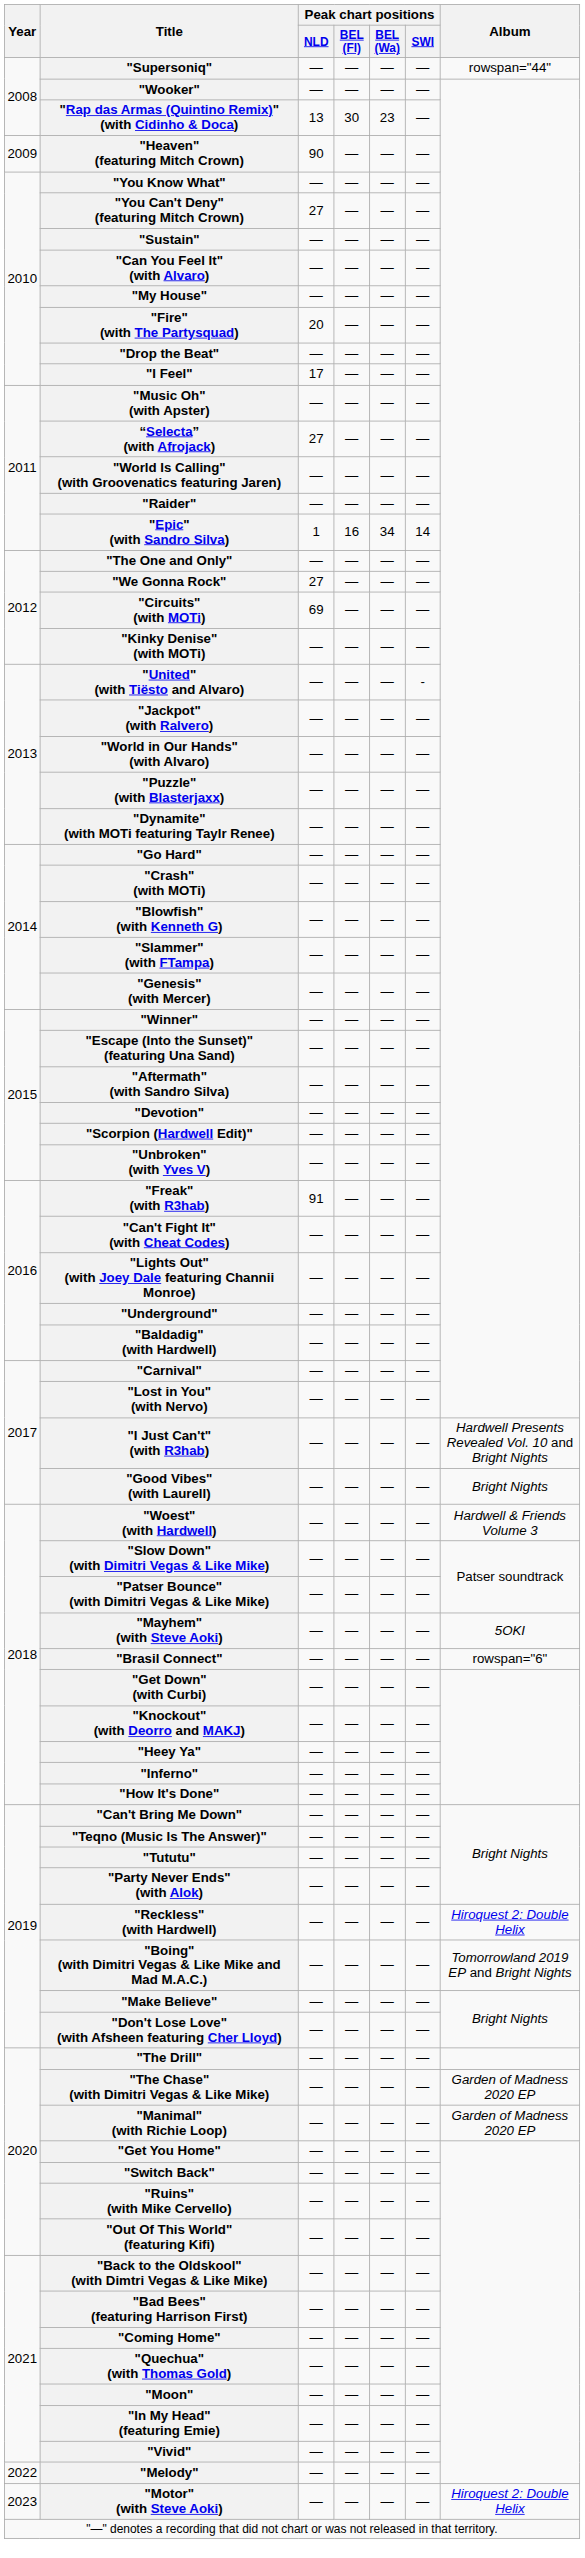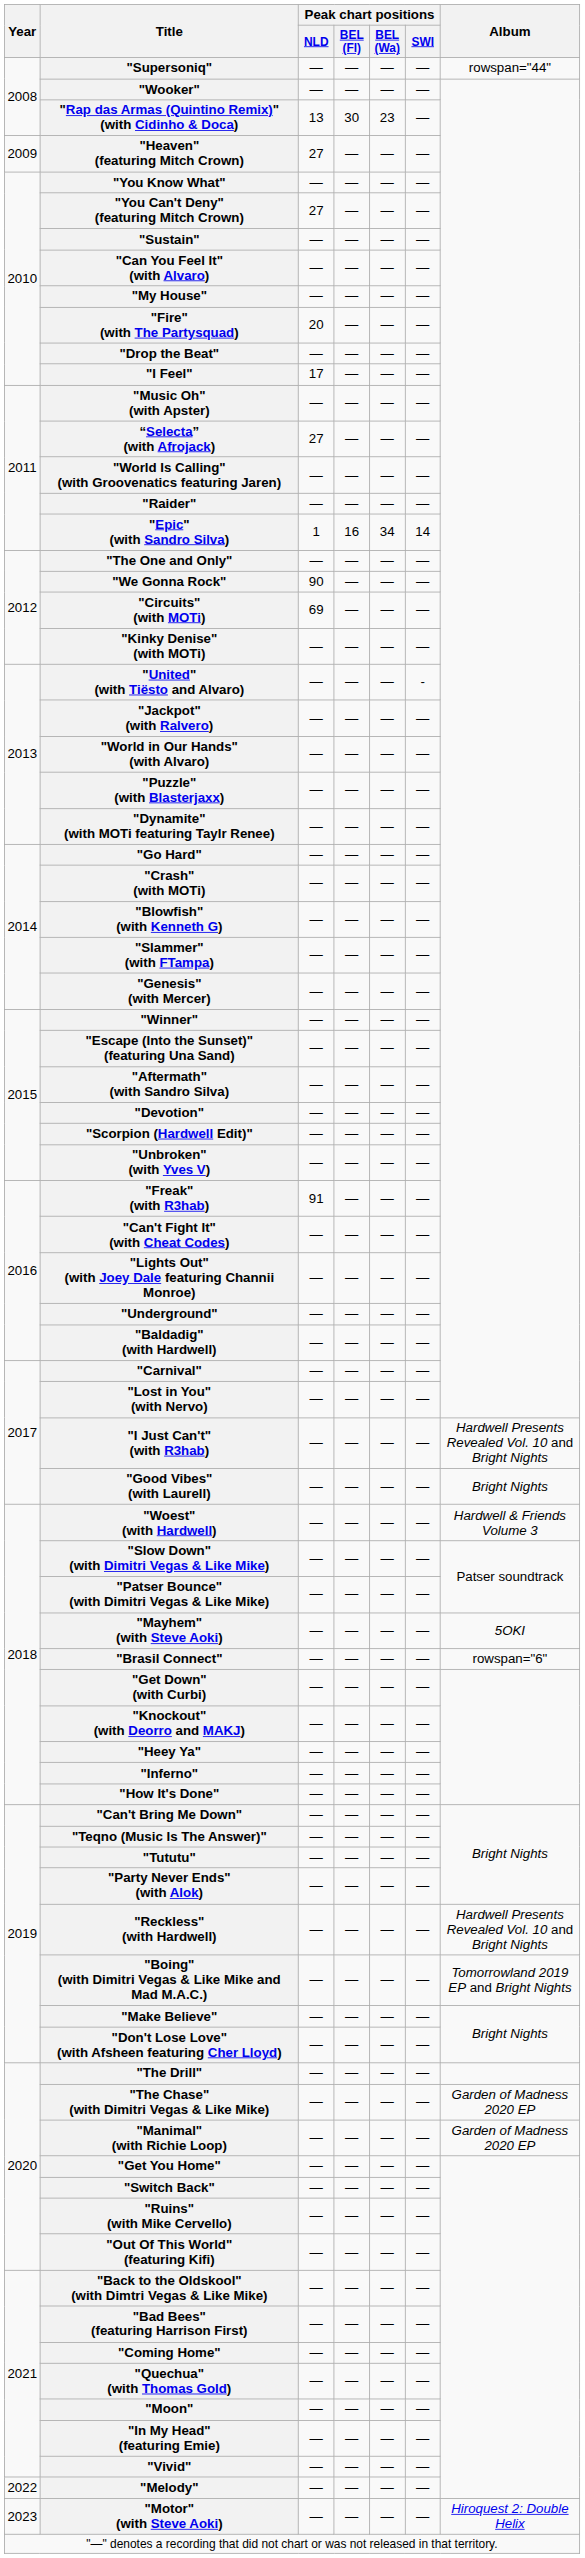 <table class="wikitable plainrowheaders" style="text-align:center;">
 <tr>
 <th scope="col" rowspan="2" style="width:2em;">Year</th>
 <th scope="col" rowspan="2" style="width:19em;">Title</th>
 <th scope="col" colspan="4">Peak chart positions</th>
 <th scope="col" rowspan="2" style="width:10em;">Album</th>
 </tr>
 <tr>
 <th scope="col" style="width:2.5em;font-size:90%;"><a href='#'>NLD</a><br></th>
 <th scope="col" style="width:2.5em;font-size:90%;"><a href='#'>BEL (Fl)</a><br></th>
 <th scope="col" style="width:2.5em;font-size:90%;"><a href='#'>BEL (Wa)</a><br></th>
 <th scope="col" style="width:2.5em;font-size:90%;"><a href='#'>SWI</a><br></th>
 </tr>
 <tr>
 <td rowspan="3">2008</td>
 <th scope="row">"Supersoniq"</th>
 <td>—</td>
 <td>—</td>
 <td>—</td>
 <td>—</td>
 <td>rowspan="44" </td>
 </tr>
 <tr>
 <th scope="row">"Wooker"</th>
 <td>—</td>
 <td>—</td>
 <td>—</td>
 <td>—</td>
 </tr>
 <tr>
 <th scope="row">"<a href='#'>Rap das Armas (Quintino Remix)</a>" <br><span>(with <a href='#'>Cidinho & Doca</a>)</span></th>
 <td>13</td>
 <td>30</td>
 <td>23</td>
 <td>—</td>
 </tr>
 <tr>
 <td>2009</td>
 <th scope="row">"Heaven" <br><span>(featuring Mitch Crown)</span></th>
-<td>90</td>
+<td>27</td>
 <td>—</td>
 <td>—</td>
 <td>—</td>
 </tr>
 <tr>
 <td rowspan="8">2010</td>
 <th scope="row">"You Know What"</th>
 <td>—</td>
 <td>—</td>
 <td>—</td>
 <td>—</td>
 </tr>
 <tr>
 <th scope="row">"You Can't Deny" <br><span>(featuring Mitch Crown)</span></th>
 <td>27</td>
 <td>—</td>
 <td>—</td>
 <td>—</td>
 </tr>
 <tr>
 <th scope="row">"Sustain"</th>
 <td>—</td>
 <td>—</td>
 <td>—</td>
 <td>—</td>
 </tr>
 <tr>
 <th scope="row">"Can You Feel It" <br><span>(with <a href='#'>Alvaro</a>)</span></th>
 <td>—</td>
 <td>—</td>
 <td>—</td>
 <td>—</td>
 </tr>
 <tr>
 <th scope="row">"My House"</th>
 <td>—</td>
 <td>—</td>
 <td>—</td>
 <td>—</td>
 </tr>
 <tr>
 <th scope="row">"Fire" <br><span>(with <a href='#'>The Partysquad</a>)</span></th>
 <td>20</td>
 <td>—</td>
 <td>—</td>
 <td>—</td>
 </tr>
 <tr>
 <th scope="row">"Drop the Beat"</th>
 <td>—</td>
 <td>—</td>
 <td>—</td>
 <td>—</td>
 </tr>
 <tr>
 <th scope="row">"I Feel"</th>
 <td>17</td>
 <td>—</td>
 <td>—</td>
 <td>—</td>
 </tr>
 <tr>
 <td rowspan="5">2011</td>
 <th scope="row">"Music Oh" <br><span>(with Apster)</span></th>
 <td>—</td>
 <td>—</td>
 <td>—</td>
 <td>—</td>
 </tr>
 <tr>
 <th scope="row">“<a href='#'>Selecta</a>” <br><span>(with <a href='#'>Afrojack</a>)</span></th>
 <td>27</td>
 <td>—</td>
 <td>—</td>
 <td>—</td>
 </tr>
 <tr>
 <th scope="row">"World Is Calling" <br><span>(with Groovenatics featuring Jaren)</span></th>
 <td>—</td>
 <td>—</td>
 <td>—</td>
 <td>—</td>
 </tr>
 <tr>
 <th scope="row">"Raider"</th>
 <td>—</td>
 <td>—</td>
 <td>—</td>
 <td>—</td>
 </tr>
 <tr>
 <th scope="row">"<a href='#'>Epic</a>" <br><span>(with <a href='#'>Sandro Silva</a>)</span></th>
 <td>1</td>
 <td>16</td>
 <td>34</td>
 <td>14</td>
 </tr>
 <tr>
 <td rowspan="4">2012</td>
 <th scope="row">"The One and Only"</th>
 <td>—</td>
 <td>—</td>
 <td>—</td>
 <td>—</td>
 </tr>
 <tr>
 <th scope="row">"We Gonna Rock"</th>
-<td>27</td>
+<td>90</td>
 <td>—</td>
 <td>—</td>
 <td>—</td>
 </tr>
 <tr>
 <th scope="row">"Circuits" <br><span>(with <a href='#'>MOTi</a>)</span></th>
 <td>69</td>
 <td>—</td>
 <td>—</td>
 <td>—</td>
 </tr>
 <tr>
 <th scope="row">"Kinky Denise" <br><span>(with MOTi)</span></th>
 <td>—</td>
 <td>—</td>
 <td>—</td>
 <td>—</td>
 </tr>
 <tr>
 <td rowspan="5">2013</td>
 <th scope="row">"<a href='#'>United</a>" <br><span>(with <a href='#'>Tiësto</a> and Alvaro)</span></th>
 <td>—</td>
 <td>—</td>
 <td>—</td>
 <td>-</td>
 </tr>
 <tr>
 <th scope="row">"Jackpot" <br><span>(with <a href='#'>Ralvero</a>)</span></th>
 <td>—</td>
 <td>—</td>
 <td>—</td>
 <td>—</td>
 </tr>
 <tr>
 <th scope="row">"World in Our Hands" <br><span>(with Alvaro)</span></th>
 <td>—</td>
 <td>—</td>
 <td>—</td>
 <td>—</td>
 </tr>
 <tr>
 <th scope="row">"Puzzle" <br><span>(with <a href='#'>Blasterjaxx</a>)</span></th>
 <td>—</td>
 <td>—</td>
 <td>—</td>
 <td>—</td>
 </tr>
 <tr>
 <th scope="row">"Dynamite" <br><span>(with MOTi featuring Taylr Renee)</span></th>
 <td>—</td>
 <td>—</td>
 <td>—</td>
 <td>—</td>
 </tr>
 <tr>
 <td rowspan="5">2014</td>
 <th scope="row">"Go Hard"</th>
 <td>—</td>
 <td>—</td>
 <td>—</td>
 <td>—</td>
 </tr>
 <tr>
 <th scope="row">"Crash" <br><span>(with MOTi)</span></th>
 <td>—</td>
 <td>—</td>
 <td>—</td>
 <td>—</td>
 </tr>
 <tr>
 <th scope="row">"Blowfish" <br><span>(with <a href='#'>Kenneth G</a>)</span></th>
 <td>—</td>
 <td>—</td>
 <td>—</td>
 <td>—</td>
 </tr>
 <tr>
 <th scope="row">"Slammer" <br><span>(with <a href='#'>FTampa</a>)</span></th>
 <td>—</td>
 <td>—</td>
 <td>—</td>
 <td>—</td>
 </tr>
 <tr>
 <th scope="row">"Genesis" <br><span>(with Mercer)</span></th>
 <td>—</td>
 <td>—</td>
 <td>—</td>
 <td>—</td>
 </tr>
 <tr>
 <td rowspan="6">2015</td>
 <th scope="row">"Winner"</th>
 <td>—</td>
 <td>—</td>
 <td>—</td>
 <td>—</td>
 </tr>
 <tr>
 <th scope="row">"Escape (Into the Sunset)" <br><span>(featuring Una Sand)</span></th>
 <td>—</td>
 <td>—</td>
 <td>—</td>
 <td>—</td>
 </tr>
 <tr>
 <th scope="row">"Aftermath" <br><span>(with Sandro Silva)</span></th>
 <td>—</td>
 <td>—</td>
 <td>—</td>
 <td>—</td>
 </tr>
 <tr>
 <th scope="row">"Devotion"</th>
 <td>—</td>
 <td>—</td>
 <td>—</td>
 <td>—</td>
 </tr>
 <tr>
 <th scope="row">"Scorpion (<a href='#'>Hardwell</a> Edit)"</th>
 <td>—</td>
 <td>—</td>
 <td>—</td>
 <td>—</td>
 </tr>
 <tr>
 <th scope="row">"Unbroken" <br><span>(with <a href='#'>Yves V</a>)</span></th>
 <td>—</td>
 <td>—</td>
 <td>—</td>
 <td>—</td>
 </tr>
 <tr>
 <td rowspan="5">2016</td>
 <th scope="row">"Freak" <br><span>(with <a href='#'>R3hab</a>)</span></th>
 <td>91</td>
 <td>—</td>
 <td>—</td>
 <td>—</td>
 </tr>
 <tr>
 <th scope="row">"Can't Fight It" <br><span>(with <a href='#'>Cheat Codes</a>)</span></th>
 <td>—</td>
 <td>—</td>
 <td>—</td>
 <td>—</td>
 </tr>
 <tr>
 <th scope="row">"Lights Out" <br><span>(with <a href='#'>Joey Dale</a> featuring Channii Monroe)</span></th>
 <td>—</td>
 <td>—</td>
 <td>—</td>
 <td>—</td>
 </tr>
 <tr>
 <th scope="row">"Underground"</th>
 <td>—</td>
 <td>—</td>
 <td>—</td>
 <td>—</td>
 </tr>
 <tr>
 <th scope="row">"Baldadig" <br><span>(with Hardwell)</span></th>
 <td>—</td>
 <td>—</td>
 <td>—</td>
 <td>—</td>
 </tr>
 <tr>
 <td rowspan="4">2017</td>
 <th scope="row">"Carnival"</th>
 <td>—</td>
 <td>—</td>
 <td>—</td>
 <td>—</td>
 </tr>
 <tr>
 <th scope="row">"Lost in You" <br><span>(with Nervo)</span></th>
 <td>—</td>
 <td>—</td>
 <td>—</td>
 <td>—</td>
 </tr>
 <tr>
 <th scope="row">"I Just Can't" <br><span>(with <a href='#'>R3hab</a>)</span></th>
 <td>—</td>
 <td>—</td>
 <td>—</td>
 <td>—</td>
 <td><em>Hardwell Presents Revealed Vol. 10</em> and <em>Bright Nights</em></td>
 </tr>
 <tr>
 <th scope="row">"Good Vibes" <br><span>(with Laurell)</span></th>
 <td>—</td>
 <td>—</td>
 <td>—</td>
 <td>—</td>
 <td><em>Bright Nights</em></td>
 </tr>
 <tr>
 <td rowspan="10">2018</td>
 <th scope="row">"Woest" <br><span>(with <a href='#'>Hardwell</a>)</span></th>
 <td>—</td>
 <td>—</td>
 <td>—</td>
 <td>—</td>
 <td><em>Hardwell & Friends Volume 3</em></td>
 </tr>
 <tr>
 <th scope="row">"Slow Down" <br><span>(with <a href='#'>Dimitri Vegas & Like Mike</a>)</span></th>
 <td>—</td>
 <td>—</td>
 <td>—</td>
 <td>—</td>
 <td rowspan="2">Patser soundtrack</td>
 </tr>
 <tr>
 <th scope="row">"Patser Bounce" <br><span>(with Dimitri Vegas & Like Mike)</span></th>
 <td>—</td>
 <td>—</td>
 <td>—</td>
 <td>—</td>
 </tr>
 <tr>
 <th scope="row">"Mayhem" <br><span>(with <a href='#'>Steve Aoki</a>)</span></th>
 <td>—</td>
 <td>—</td>
 <td>—</td>
 <td>—</td>
 <td><em>5OKI</em></td>
 </tr>
 <tr>
 <th scope="row">"Brasil Connect"</th>
 <td>—</td>
 <td>—</td>
 <td>—</td>
 <td>—</td>
 <td>rowspan="6" </td>
 </tr>
 <tr>
 <th scope="row">"Get Down"<br><span>(with Curbi)</span></th>
 <td>—</td>
 <td>—</td>
 <td>—</td>
 <td>—</td>
 </tr>
 <tr>
 <th scope="row">"Knockout" <br><span>(with <a href='#'>Deorro</a> and <a href='#'>MAKJ</a>)</span></th>
 <td>—</td>
 <td>—</td>
 <td>—</td>
 <td>—</td>
 </tr>
 <tr>
 <th scope="row">"Heey Ya"</th>
 <td>—</td>
 <td>—</td>
 <td>—</td>
 <td>—</td>
 </tr>
 <tr>
 <th scope="row">"Inferno"</th>
 <td>—</td>
 <td>—</td>
 <td>—</td>
 <td>—</td>
 </tr>
 <tr>
 <th scope="row">"How It's Done"</th>
 <td>—</td>
 <td>—</td>
 <td>—</td>
 <td>—</td>
 </tr>
 <tr>
 <td rowspan="8">2019</td>
 <th scope="row">"Can't Bring Me Down"</th>
 <td>—</td>
 <td>—</td>
 <td>—</td>
 <td>—</td>
 <td rowspan="4"><em>Bright Nights</em></td>
 </tr>
 <tr>
 <th scope="row">"Teqno (Music Is The Answer)"</th>
 <td>—</td>
 <td>—</td>
 <td>—</td>
 <td>—</td>
 </tr>
 <tr>
 <th scope="row">"Tututu"</th>
 <td>—</td>
 <td>—</td>
 <td>—</td>
 <td>—</td>
 </tr>
 <tr>
 <th scope="row">"Party Never Ends" <br><span>(with <a href='#'>Alok</a>)</span></th>
 <td>—</td>
 <td>—</td>
 <td>—</td>
 <td>—</td>
 </tr>
 <tr>
 <th scope="row">"Reckless" <br><span>(with Hardwell)</span></th>
 <td>—</td>
 <td>—</td>
 <td>—</td>
 <td>—</td>
-<td><em><a href='#'>Hiroquest 2: Double Helix</a></em></td>
+<td><em>Hardwell Presents Revealed Vol. 10</em> and <em>Bright Nights</em></td>
 </tr>
 <tr>
 <th scope="row">"Boing" <br><span>(with Dimitri Vegas & Like Mike and Mad M.A.C.)</span></th>
 <td>—</td>
 <td>—</td>
 <td>—</td>
 <td>—</td>
 <td><em>Tomorrowland 2019 EP</em> and <em>Bright Nights</em></td>
 </tr>
 <tr>
 <th scope="row">"Make Believe"</th>
 <td>—</td>
 <td>—</td>
 <td>—</td>
 <td>—</td>
 <td rowspan="2"><em>Bright Nights</em></td>
 </tr>
 <tr>
 <th scope="row">"Don't Lose Love" <br><span>(with Afsheen featuring <a href='#'>Cher Lloyd</a>)</span></th>
 <td>—</td>
 <td>—</td>
 <td>—</td>
 <td>—</td>
 </tr>
 <tr>
 <td rowspan="7">2020</td>
 <th scope="row">"The Drill"</th>
 <td>—</td>
 <td>—</td>
 <td>—</td>
 <td>—</td>
 <td></td>
 </tr>
 <tr>
 <th scope="row">"The Chase" <br><span>(with Dimitri Vegas & Like Mike)</span></th>
 <td>—</td>
 <td>—</td>
 <td>—</td>
 <td>—</td>
 <td><em>Garden of Madness 2020 EP</em></td>
 </tr>
 <tr>
 <th scope="row">"Manimal" <br><span>(with Richie Loop)</span></th>
 <td>—</td>
 <td>—</td>
 <td>—</td>
 <td>—</td>
 <td><em>Garden of Madness 2020 EP</em></td>
 </tr>
 <tr>
 <th scope="row">"Get You Home"</th>
 <td>—</td>
 <td>—</td>
 <td>—</td>
 <td>—</td>
 </tr>
 <tr>
 <th scope="row">"Switch Back"</th>
 <td>—</td>
 <td>—</td>
 <td>—</td>
 <td>—</td>
 </tr>
 <tr>
 <th scope="row">"Ruins" <br><span>(with Mike Cervello)</span></th>
 <td>—</td>
 <td>—</td>
 <td>—</td>
 <td>—</td>
 </tr>
 <tr>
 <th scope="row">"Out Of This World" <br><span>(featuring Kifi)</span></th>
 <td>—</td>
 <td>—</td>
 <td>—</td>
 <td>—</td>
 </tr>
 <tr>
 <td rowspan="7">2021</td>
 <th scope="row">"Back to the Oldskool" <br><span>(with Dimtri Vegas & Like Mike)</span></th>
 <td>—</td>
 <td>—</td>
 <td>—</td>
 <td>—</td>
 </tr>
 <tr>
 <th scope="row">"Bad Bees" <br><span>(featuring Harrison First)</span></th>
 <td>—</td>
 <td>—</td>
 <td>—</td>
 <td>—</td>
 </tr>
 <tr>
 <th scope="row">"Coming Home"</th>
 <td>—</td>
 <td>—</td>
 <td>—</td>
 <td>—</td>
 </tr>
 <tr>
 <th scope="row">"Quechua" <br><span>(with <a href='#'>Thomas Gold</a>)</span></th>
 <td>—</td>
 <td>—</td>
 <td>—</td>
 <td>—</td>
 </tr>
 <tr>
 <th scope="row">"Moon"</th>
 <td>—</td>
 <td>—</td>
 <td>—</td>
 <td>—</td>
 </tr>
 <tr>
 <th scope="row">"In My Head" <br><span>(featuring Emie)</span></th>
 <td>—</td>
 <td>—</td>
 <td>—</td>
 <td>—</td>
 </tr>
 <tr>
 <th scope="row">"Vivid"</th>
 <td>—</td>
 <td>—</td>
 <td>—</td>
 <td>—</td>
 </tr>
 <tr>
 <td>2022</td>
 <th scope="row">"Melody"</th>
 <td>—</td>
 <td>—</td>
 <td>—</td>
 <td>—</td>
 </tr>
 <tr>
 <td>2023</td>
 <th scope="row">"Motor" <br><span>(with <a href='#'>Steve Aoki</a>)</span></th>
 <td>—</td>
 <td>—</td>
 <td>—</td>
 <td>—</td>
 <td><em><a href='#'>Hiroquest 2: Double Helix</a></em></td>
 </tr>
 <tr>
 <td colspan="8" style="font-size:90%">"—" denotes a recording that did not chart or was not released in that territory.</td>
 </tr>
 </table>
